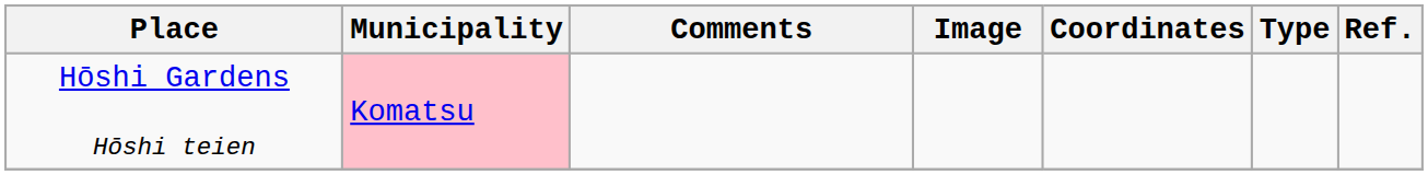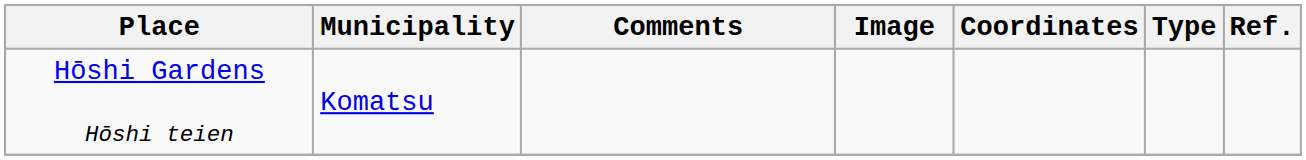 <table class="wikitable sortable"  style="width:100%;">
 <tr>
 <th width="30%" align="left">Place</th>
 <th width="10%" align="left">Municipality</th>
 <th width="30%" align="left" class="unsortable">Comments</th>
 <th width="10%" align="left"  class="unsortable">Image</th>
 <th width="10%" align="left" class="unsortable">Coordinates</th>
 <th width="5%" align="left">Type</th>
 <th width="5%" align="left"  class="unsortable">Ref.</th>
 </tr>
 <tr>
 <td align="center"><a href='#'>Hōshi Gardens</a><br><br><small><em>Hōshi teien</em></small></td>
-<td style="background: pink;"><a href='#'>Komatsu</a></td>
+<td><a href='#'>Komatsu</a></td>
 <td></td>
 <td></td>
 <td></td>
 <td></td>
 <td></td>
 </tr>
 <tr>
 </tr>
 </table>
